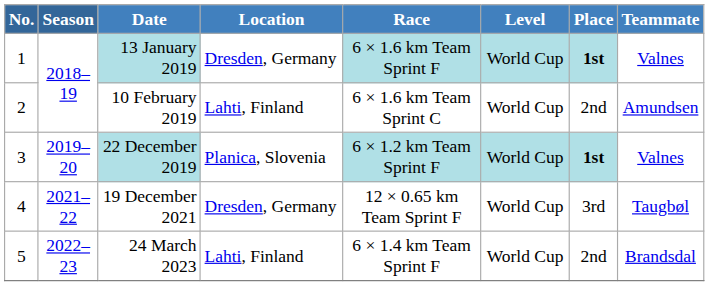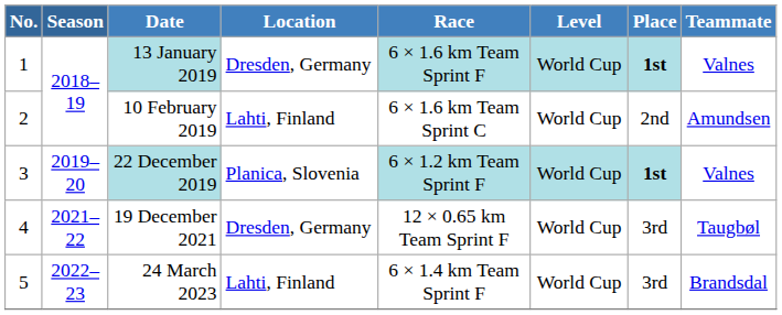 <table class="wikitable sortable" style="font-size:95%; text-align:center; border:grey solid 1px; border-collapse:collapse; background:#ffffff;">
 <tr style="background:#efefef;">
 <th style="background-color:#369; color:white;">No.</th>
 <th style="background-color:#369; color:white;">Season</th>
 <th style="background-color:#4180be; color:white; width:100px;">Date</th>
 <th style="background-color:#4180be; color:white; width:170px;">Location</th>
 <th style="background-color:#4180be; color:white; width:170px;">Race</th>
 <th style="background-color:#4180be; color:white; width:100px;">Level</th>
 <th style="background-color:#4180be; color:white;">Place</th>
 <th style="background-color:#4180be; color:white;">Teammate</th>
 </tr>
 <tr>
 <td align=center>1</td>
 <td rowspan=2 align=center><a href='#'>2018–19</a></td>
 <td bgcolor="#BOEOE6" align=right>13 January 2019</td>
 <td align=left> <a href='#'>Dresden</a>, Germany</td>
 <td bgcolor="#BOEOE6">6 × 1.6 km Team Sprint F</td>
 <td bgcolor="#BOEOE6">World Cup</td>
 <td bgcolor="#BOEOE6"><strong>1st</strong></td>
 <td><a href='#'>Valnes</a></td>
 </tr>
 <tr>
 <td align=center>2</td>
 <td align=right>10 February 2019</td>
 <td align=left> <a href='#'>Lahti</a>, Finland</td>
 <td>6 × 1.6 km Team Sprint C</td>
 <td>World Cup</td>
 <td>2nd</td>
 <td><a href='#'>Amundsen</a></td>
 </tr>
 <tr>
 <td align=center>3</td>
 <td rowspan=1 align=center><a href='#'>2019–20</a></td>
 <td bgcolor="#BOEOE6" align=right>22 December 2019</td>
 <td align=left> <a href='#'>Planica</a>, Slovenia</td>
 <td bgcolor="#BOEOE6">6 × 1.2 km Team Sprint F</td>
 <td bgcolor="#BOEOE6">World Cup</td>
 <td bgcolor="#BOEOE6"><strong>1st</strong></td>
 <td><a href='#'>Valnes</a></td>
 </tr>
 <tr>
 <td align=center>4</td>
 <td align=center><a href='#'>2021–22</a></td>
 <td align=right>19 December 2021</td>
 <td align=left> <a href='#'>Dresden</a>, Germany</td>
 <td>12 × 0.65 km Team Sprint F</td>
 <td>World Cup</td>
 <td>3rd</td>
 <td><a href='#'>Taugbøl</a></td>
 </tr>
 <tr>
 <td align=center>5</td>
 <td rowspan=1 align=center><a href='#'>2022–23</a></td>
 <td align=right>24 March 2023</td>
 <td align=left> <a href='#'>Lahti</a>, Finland</td>
 <td>6  × 1.4 km Team Sprint F</td>
 <td>World Cup</td>
-<td>2nd</td>
+<td>3rd</td>
 <td><a href='#'>Brandsdal</a></td>
 </tr>
 <tr>
 </tr>
 </table>
